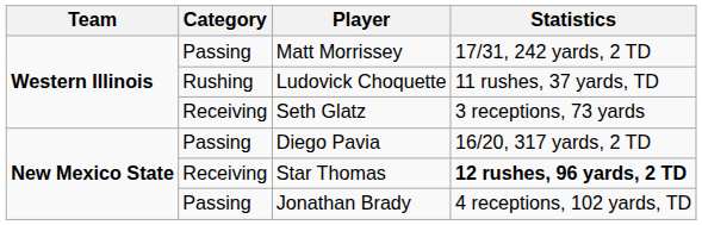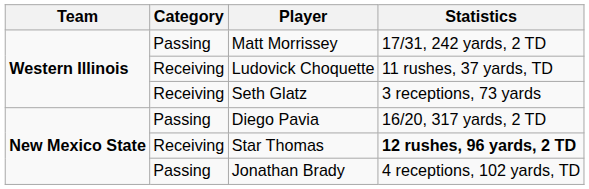 <table class="wikitable" style="float: right;">
 <tr>
 <th>Team</th>
 <th>Category</th>
 <th>Player</th>
 <th>Statistics</th>
 </tr>
 <tr>
 <td rowspan=3><strong>Western Illinois</strong></td>
 <td>Passing</td>
 <td>Matt Morrissey</td>
 <td>17/31, 242 yards, 2 TD</td>
 </tr>
 <tr>
-<td>Rushing</td>
+<td>Receiving</td>
 <td>Ludovick Choquette</td>
 <td>11 rushes, 37 yards, TD</td>
 </tr>
 <tr>
 <td>Receiving</td>
 <td>Seth Glatz</td>
 <td>3 receptions, 73 yards</td>
 </tr>
 <tr>
 <td rowspan=3><strong>New Mexico State</strong></td>
 <td>Passing</td>
 <td>Diego Pavia</td>
 <td>16/20, 317 yards, 2 TD</td>
 </tr>
 <tr>
 <td>Receiving</td>
 <td>Star Thomas</td>
 <td><strong>12 rushes, 96 yards, 2 TD</strong></td>
 </tr>
 <tr>
 <td>Passing</td>
 <td>Jonathan Brady</td>
 <td>4 receptions, 102 yards, TD</td>
 </tr>
 </table>
